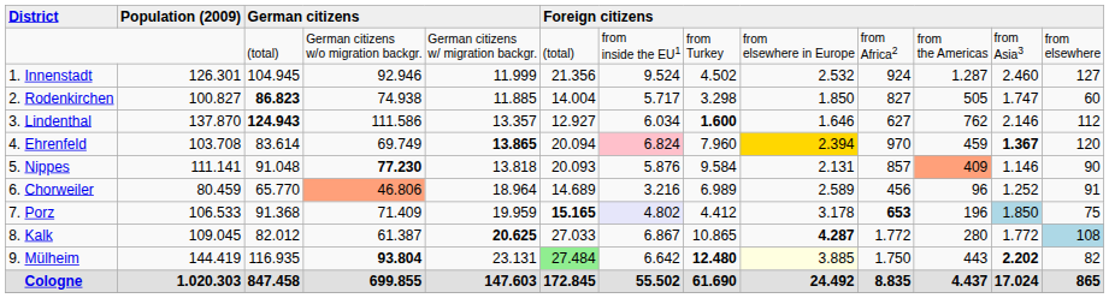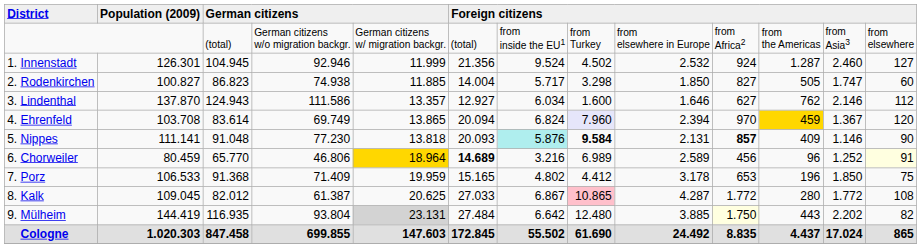 <table class="wikitable">
 <tr style="background:#efefef;">
 <td><strong><a href='#'>District</a></strong></td>
 <td><strong>Population (2009)</strong></td>
 <td colspan="3"><strong>German citizens</strong></td>
 <td colspan="8"><strong>Foreign citizens</strong></td>
 </tr>
 <tr align="left" style="font-size: 85%">
 <td colspan="2"></td>
 <td><br> (total)</td>
 <td>German citizens <br> w/o migration backgr.</td>
 <td>German citizens <br> w/ migration backgr.</td>
 <td><br> (total)</td>
 <td>from <br> inside the EU<sup>1</sup></td>
 <td>from <br> Turkey    </td>
 <td>from <br> elsewhere in Europe</td>
 <td>from <br>Africa<sup>2</sup>    </td>
 <td>from <br>the Americas</td>
 <td>from <br>Asia<sup>3</sup>    </td>
 <td>from <br> elsewhere</td>
 </tr>
 <tr align="right">
 <td align="left">1. <a href='#'>Innenstadt</a></td>
 <td>126.301</td>
 <td>104.945</td>
 <td>92.946</td>
 <td>11.999</td>
 <td>21.356</td>
 <td>9.524</td>
 <td>4.502</td>
 <td>2.532</td>
 <td>924</td>
 <td>1.287</td>
 <td>2.460</td>
 <td>127</td>
 </tr>
 <tr align="right">
 <td align="left">2. <a href='#'>Rodenkirchen</a></td>
 <td>100.827</td>
-<td><strong>86.823</strong></td>
+<td>86.823</td>
 <td>74.938</td>
 <td>11.885</td>
 <td>14.004</td>
 <td>5.717</td>
 <td>3.298</td>
 <td>1.850</td>
 <td>827</td>
 <td>505</td>
 <td>1.747</td>
 <td>60</td>
 </tr>
 <tr align="right">
 <td align="left">3. <a href='#'>Lindenthal</a></td>
 <td>137.870</td>
-<td><strong>124.943</strong></td>
+<td>124.943</td>
 <td>111.586</td>
 <td>13.357</td>
 <td>12.927</td>
 <td>6.034</td>
-<td><strong>1.600</strong></td>
+<td>1.600</td>
 <td>1.646</td>
 <td>627</td>
 <td>762</td>
 <td>2.146</td>
 <td>112</td>
 </tr>
 <tr align="right">
 <td align="left">4. <a href='#'>Ehrenfeld</a></td>
 <td>103.708</td>
 <td>83.614</td>
 <td>69.749</td>
-<td><strong>13.865</strong></td>
+<td>13.865</td>
 <td>20.094</td>
-<td style="background: pink;">6.824</td>
-<td>7.960</td>
-<td style="background: gold;">2.394</td>
+<td>6.824</td>
+<td style="background: lavender;">7.960</td>
+<td>2.394</td>
 <td>970</td>
-<td>459</td>
-<td><strong>1.367</strong></td>
+<td style="background: gold;">459</td>
+<td>1.367</td>
 <td>120</td>
 </tr>
 <tr align="right">
 <td align="left">5. <a href='#'>Nippes</a></td>
 <td>111.141</td>
 <td>91.048</td>
-<td><strong>77.230</strong></td>
+<td>77.230</td>
 <td>13.818</td>
 <td>20.093</td>
-<td>5.876</td>
-<td>9.584</td>
+<td style="background: paleturquoise;">5.876</td>
+<td><strong>9.584</strong></td>
 <td>2.131</td>
-<td>857</td>
-<td style="background: lightsalmon;">409</td>
+<td><strong>857</strong></td>
+<td>409</td>
 <td>1.146</td>
 <td>90</td>
 </tr>
 <tr align="right">
 <td align="left">6. <a href='#'>Chorweiler</a></td>
 <td>80.459</td>
 <td>65.770</td>
-<td style="background: lightsalmon;">46.806</td>
-<td>18.964</td>
-<td>14.689</td>
+<td>46.806</td>
+<td style="background: gold;">18.964</td>
+<td><strong>14.689</strong></td>
 <td>3.216</td>
 <td>6.989</td>
 <td>2.589</td>
 <td>456</td>
 <td>96</td>
 <td>1.252</td>
-<td>91</td>
+<td style="background: lightyellow;">91</td>
 </tr>
 <tr align="right">
 <td align="left">7. <a href='#'>Porz</a></td>
 <td>106.533</td>
 <td>91.368</td>
 <td>71.409</td>
 <td>19.959</td>
-<td><strong>15.165</strong></td>
-<td style="background: lavender;">4.802</td>
+<td>15.165</td>
+<td>4.802</td>
 <td>4.412</td>
 <td>3.178</td>
-<td><strong>653</strong></td>
+<td>653</td>
 <td>196</td>
-<td style="background: lightblue;">1.850</td>
+<td>1.850</td>
 <td>75</td>
 </tr>
 <tr align="right">
 <td align="left">8. <a href='#'>Kalk</a></td>
 <td>109.045</td>
 <td>82.012</td>
 <td>61.387</td>
-<td><strong>20.625</strong></td>
+<td>20.625</td>
 <td>27.033</td>
 <td>6.867</td>
-<td>10.865</td>
-<td><strong>4.287</strong></td>
+<td style="background: pink;">10.865</td>
+<td>4.287</td>
 <td>1.772</td>
 <td>280</td>
 <td>1.772</td>
-<td style="background: lightblue;">108</td>
+<td>108</td>
 </tr>
 <tr align="right">
 <td align="left">9. <a href='#'>Mülheim</a></td>
 <td>144.419</td>
 <td>116.935</td>
-<td><strong>93.804</strong></td>
-<td>23.131</td>
-<td style="background: lightgreen;">27.484</td>
+<td>93.804</td>
+<td style="background: lightgrey;">23.131</td>
+<td>27.484</td>
 <td>6.642</td>
-<td><strong>12.480</strong></td>
-<td style="background: lightyellow;">3.885</td>
-<td>1.750</td>
+<td>12.480</td>
+<td>3.885</td>
+<td style="background: lightyellow;">1.750</td>
 <td>443</td>
-<td><strong>2.202</strong></td>
+<td>2.202</td>
 <td>82</td>
 </tr>
 <tr align="right" style="background:#e0e0e0;">
 <td align="left">    <strong><a href='#'>Cologne</a></strong></td>
 <td><strong>1.020.303</strong></td>
 <td><strong>847.458</strong></td>
 <td><strong>699.855</strong></td>
 <td><strong>147.603</strong></td>
 <td><strong>172.845</strong></td>
 <td><strong>55.502</strong></td>
 <td><strong>61.690</strong></td>
 <td><strong>24.492</strong></td>
 <td><strong>8.835</strong></td>
 <td><strong>4.437</strong></td>
 <td><strong>17.024</strong></td>
 <td><strong>865</strong></td>
 </tr>
 <tr>
 </tr>
 </table>
